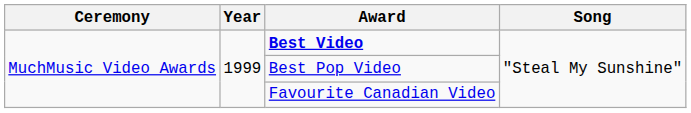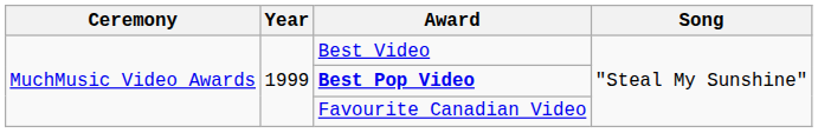 <table class="wikitable">
 <tr>
 <th>Ceremony</th>
 <th>Year</th>
 <th>Award</th>
 <th>Song</th>
 </tr>
 <tr>
 <td rowspan=3><a href='#'>MuchMusic Video Awards</a></td>
 <td rowspan=3>1999</td>
-<td><strong><a href='#'>Best Video</a></strong></td>
+<td><a href='#'>Best Video</a></td>
 <td rowspan=3>"Steal My Sunshine"</td>
 </tr>
 <tr>
-<td><a href='#'>Best Pop Video</a></td>
+<td><strong><a href='#'>Best Pop Video</a></strong></td>
 </tr>
 <tr>
 <td><a href='#'>Favourite Canadian Video</a></td>
 </tr>
 </table>
